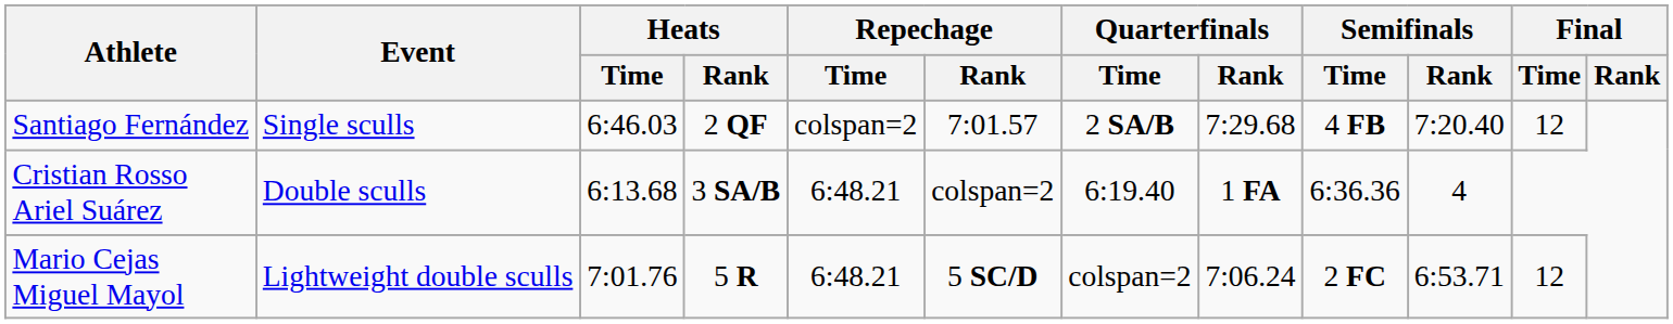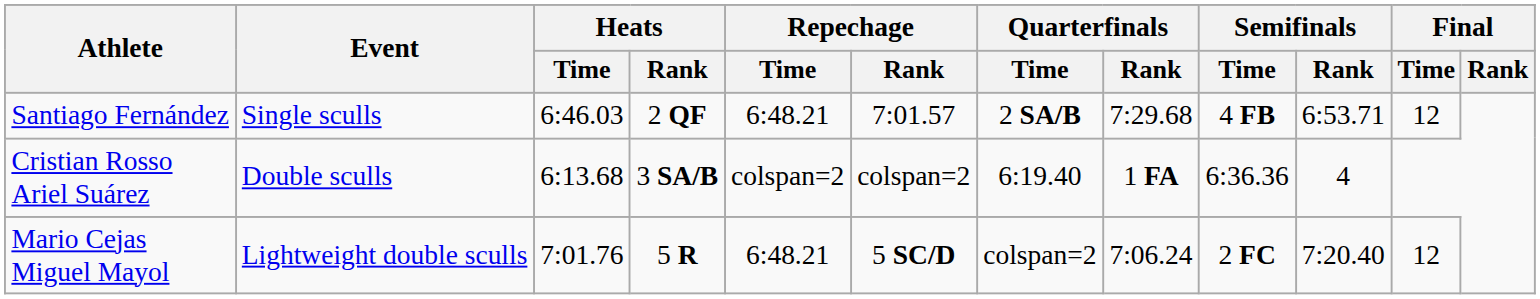 <table class="wikitable" style="font-size:90%">
 <tr>
 <th rowspan="2">Athlete</th>
 <th rowspan="2">Event</th>
 <th colspan="2">Heats</th>
 <th colspan="2">Repechage</th>
 <th colspan=2>Quarterfinals</th>
 <th colspan="2">Semifinals</th>
 <th colspan="2">Final</th>
 </tr>
 <tr style="font-size:95%">
 <th>Time</th>
 <th>Rank</th>
 <th>Time</th>
 <th>Rank</th>
 <th>Time</th>
 <th>Rank</th>
 <th>Time</th>
 <th>Rank</th>
 <th>Time</th>
 <th>Rank</th>
 </tr>
 <tr align=center>
 <td align=left><a href='#'>Santiago Fernández</a></td>
 <td align=left><a href='#'>Single sculls</a></td>
 <td>6:46.03</td>
 <td>2 <strong>QF</strong></td>
-<td>colspan=2 </td>
+<td>6:48.21</td>
 <td>7:01.57</td>
 <td>2 <strong>SA/B</strong></td>
 <td>7:29.68</td>
 <td>4 <strong>FB</strong></td>
-<td>7:20.40</td>
+<td>6:53.71</td>
 <td>12</td>
 </tr>
 <tr align=center>
 <td align=left><a href='#'>Cristian Rosso</a><br><a href='#'>Ariel Suárez</a></td>
 <td align=left><a href='#'>Double sculls</a></td>
 <td>6:13.68</td>
 <td>3 <strong>SA/B</strong></td>
-<td>6:48.21</td>
+<td>colspan=2 </td>
 <td>colspan=2 </td>
 <td>6:19.40</td>
 <td>1 <strong>FA</strong></td>
 <td>6:36.36</td>
 <td>4</td>
 </tr>
 <tr align=center>
 <td align=left><a href='#'>Mario Cejas</a><br><a href='#'>Miguel Mayol</a></td>
 <td align=left><a href='#'>Lightweight double sculls</a></td>
 <td>7:01.76</td>
 <td>5 <strong>R</strong></td>
 <td>6:48.21</td>
 <td>5 <strong>SC/D</strong></td>
 <td>colspan=2 </td>
 <td>7:06.24</td>
 <td>2 <strong>FC</strong></td>
-<td>6:53.71</td>
+<td>7:20.40</td>
 <td>12</td>
 </tr>
 </table>
